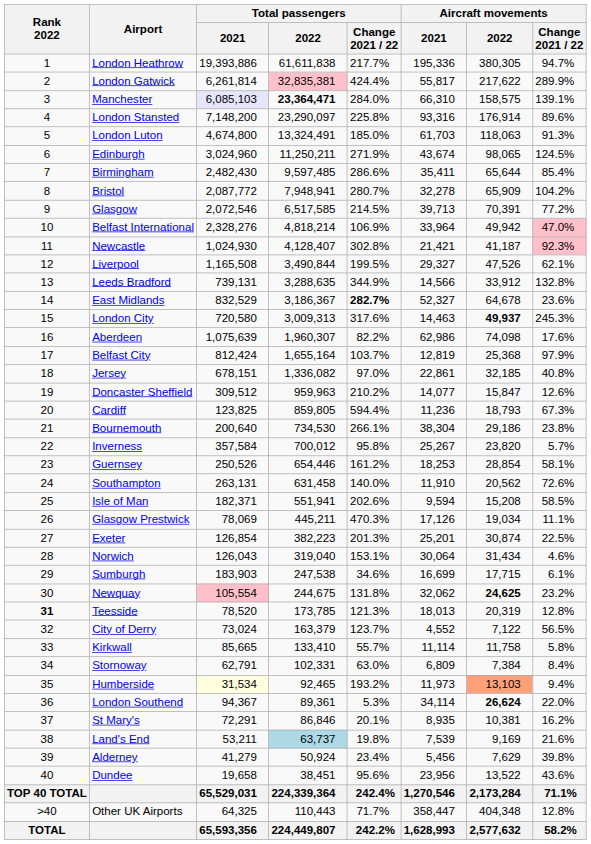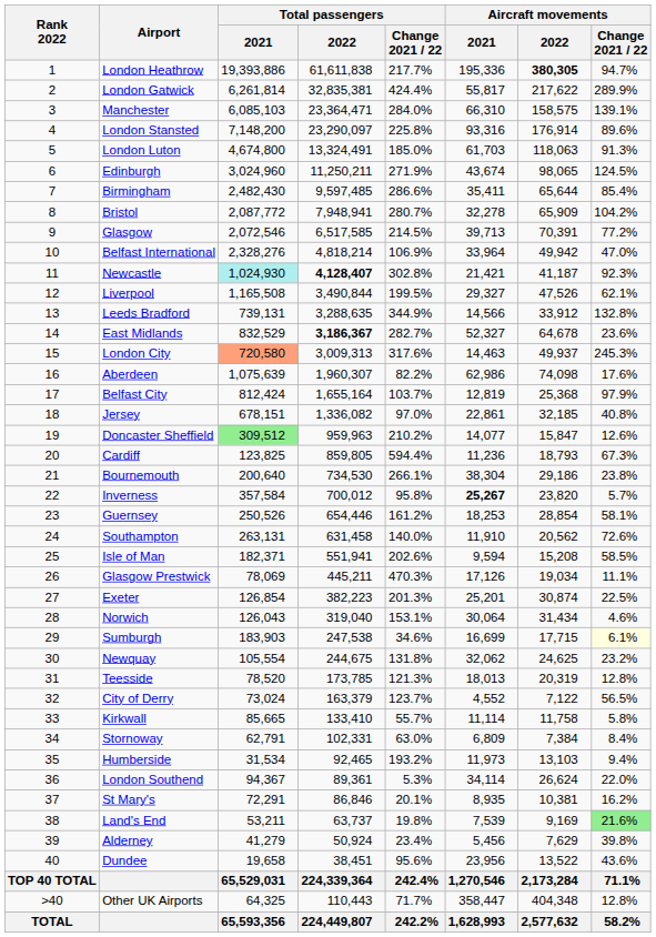 <table class="wikitable sortable" style="text-align: right;">
 <tr>
 <th rowspan=2>Rank<br>2022</th>
 <th rowspan="2">Airport</th>
 <th colspan=3>Total passengers</th>
 <th colspan=3>Aircraft movements</th>
 </tr>
 <tr>
 <th>2021</th>
 <th>2022</th>
 <th>Change<br>2021 / 22</th>
 <th>2021</th>
 <th>2022</th>
 <th>Change<br>2021 / 22</th>
 </tr>
 <tr>
 <td align='center'>1</td>
 <td align='left'><a href='#'>London Heathrow</a></td>
 <td style="padding-right: 1em;">19,393,886</td>
 <td style="padding-right: 1em;">61,611,838</td>
 <td style="padding-right: 1em;">217.7%</td>
 <td style="padding-right: 1em;">195,336</td>
-<td style="padding-right: 1em;">380,305</td>
+<td style="padding-right: 1em;"><strong>380,305</strong></td>
 <td style="padding-right: 1em;">94.7%</td>
 </tr>
 <tr>
 <td align='center'>2</td>
 <td align='left'><a href='#'>London Gatwick</a></td>
 <td style="padding-right: 1em;">6,261,814</td>
-<td style="background: pink; padding-right: 1em;">32,835,381</td>
+<td style="padding-right: 1em;">32,835,381</td>
 <td style="padding-right: 1em;">424.4%</td>
 <td style="padding-right: 1em;">55,817</td>
 <td style="padding-right: 1em;">217,622</td>
 <td style="padding-right: 1em;">289.9%</td>
 </tr>
 <tr>
 <td align='center'>3</td>
 <td align='left'><a href='#'>Manchester</a></td>
-<td style="background: lavender; padding-right: 1em;">6,085,103</td>
-<td style="padding-right: 1em;"><strong>23,364,471</strong></td>
+<td style="padding-right: 1em;">6,085,103</td>
+<td style="padding-right: 1em;">23,364,471</td>
 <td style="padding-right: 1em;">284.0%</td>
 <td style="padding-right: 1em;">66,310</td>
 <td style="padding-right: 1em;">158,575</td>
 <td style="padding-right: 1em;">139.1%</td>
 </tr>
 <tr>
 <td align='center'>4</td>
 <td align='left'><a href='#'>London Stansted</a></td>
 <td style="padding-right: 1em;">7,148,200</td>
 <td style="padding-right: 1em;">23,290,097</td>
 <td style="padding-right: 1em;">225.8%</td>
 <td style="padding-right: 1em;">93,316</td>
 <td style="padding-right: 1em;">176,914</td>
 <td style="padding-right: 1em;">89.6%</td>
 </tr>
 <tr>
 <td align='center'>5</td>
 <td align='left'><a href='#'>London Luton</a></td>
 <td style="padding-right: 1em;">4,674,800</td>
 <td style="padding-right: 1em;">13,324,491</td>
 <td style="padding-right: 1em;">185.0%</td>
 <td style="padding-right: 1em;">61,703</td>
 <td style="padding-right: 1em;">118,063</td>
 <td style="padding-right: 1em;">91.3%</td>
 </tr>
 <tr>
 <td align='center'>6</td>
 <td align='left'><a href='#'>Edinburgh</a></td>
 <td style="padding-right: 1em;">3,024,960</td>
 <td style="padding-right: 1em;">11,250,211</td>
 <td style="padding-right: 1em;">271.9%</td>
 <td style="padding-right: 1em;">43,674</td>
 <td style="padding-right: 1em;">98,065</td>
 <td style="padding-right: 1em;">124.5%</td>
 </tr>
 <tr>
 <td align='center'>7</td>
 <td align='left'><a href='#'>Birmingham</a></td>
 <td style="padding-right: 1em;">2,482,430</td>
 <td style="padding-right: 1em;">9,597,485</td>
 <td style="padding-right: 1em;">286.6%</td>
 <td style="padding-right: 1em;">35,411</td>
 <td style="padding-right: 1em;">65,644</td>
 <td style="padding-right: 1em;">85.4%</td>
 </tr>
 <tr>
 <td align='center'>8</td>
 <td align='left'><a href='#'>Bristol</a></td>
 <td style="padding-right: 1em;">2,087,772</td>
 <td style="padding-right: 1em;">7,948,941</td>
 <td style="padding-right: 1em;">280.7%</td>
 <td style="padding-right: 1em;">32,278</td>
 <td style="padding-right: 1em;">65,909</td>
 <td style="padding-right: 1em;">104.2%</td>
 </tr>
 <tr>
 <td align='center'>9</td>
 <td align='left'><a href='#'>Glasgow</a></td>
 <td style="padding-right: 1em;">2,072,546</td>
 <td style="padding-right: 1em;">6,517,585</td>
 <td style="padding-right: 1em;">214.5%</td>
 <td style="padding-right: 1em;">39,713</td>
 <td style="padding-right: 1em;">70,391</td>
 <td style="padding-right: 1em;">77.2%</td>
 </tr>
 <tr>
 <td align='center'>10</td>
 <td align='left'><a href='#'>Belfast International</a></td>
 <td style="padding-right: 1em;">2,328,276</td>
 <td style="padding-right: 1em;">4,818,214</td>
 <td style="padding-right: 1em;">106.9%</td>
 <td style="padding-right: 1em;">33,964</td>
 <td style="padding-right: 1em;">49,942</td>
-<td style="background: pink; padding-right: 1em;">47.0%</td>
+<td style="padding-right: 1em;">47.0%</td>
 </tr>
 <tr>
 <td align='center'>11</td>
 <td align='left'><a href='#'>Newcastle</a></td>
-<td style="padding-right: 1em;">1,024,930</td>
-<td style="padding-right: 1em;">4,128,407</td>
+<td style="background: paleturquoise; padding-right: 1em;">1,024,930</td>
+<td style="padding-right: 1em;"><strong>4,128,407</strong></td>
 <td style="padding-right: 1em;">302.8%</td>
 <td style="padding-right: 1em;">21,421</td>
 <td style="padding-right: 1em;">41,187</td>
-<td style="background: pink; padding-right: 1em;">92.3%</td>
+<td style="padding-right: 1em;">92.3%</td>
 </tr>
 <tr>
 <td align='center'>12</td>
 <td align='left'><a href='#'>Liverpool</a></td>
 <td style="padding-right: 1em;">1,165,508</td>
 <td style="padding-right: 1em;">3,490,844</td>
 <td style="padding-right: 1em;">199.5%</td>
 <td style="padding-right: 1em;">29,327</td>
 <td style="padding-right: 1em;">47,526</td>
 <td style="padding-right: 1em;">62.1%</td>
 </tr>
 <tr>
 <td align='center'>13</td>
 <td align='left'><a href='#'>Leeds Bradford</a></td>
 <td style="padding-right: 1em;">739,131</td>
 <td style="padding-right: 1em;">3,288,635</td>
 <td style="padding-right: 1em;">344.9%</td>
 <td style="padding-right: 1em;">14,566</td>
 <td style="padding-right: 1em;">33,912</td>
 <td style="padding-right: 1em;">132.8%</td>
 </tr>
 <tr>
 <td align='center'>14</td>
 <td align='left'><a href='#'>East Midlands</a></td>
 <td style="padding-right: 1em;">832,529</td>
-<td style="padding-right: 1em;">3,186,367</td>
-<td style="padding-right: 1em;"><strong>282.7%</strong></td>
+<td style="padding-right: 1em;"><strong>3,186,367</strong></td>
+<td style="padding-right: 1em;">282.7%</td>
 <td style="padding-right: 1em;">52,327</td>
 <td style="padding-right: 1em;">64,678</td>
 <td style="padding-right: 1em;">23.6%</td>
 </tr>
 <tr>
 <td align='center'>15</td>
 <td align='left'><a href='#'>London City</a></td>
-<td style="padding-right: 1em;">720,580</td>
+<td style="background: lightsalmon; padding-right: 1em;">720,580</td>
 <td style="padding-right: 1em;">3,009,313</td>
 <td style="padding-right: 1em;">317.6%</td>
 <td style="padding-right: 1em;">14,463</td>
-<td style="padding-right: 1em;"><strong>49,937</strong></td>
+<td style="padding-right: 1em;">49,937</td>
 <td style="padding-right: 1em;">245.3%</td>
 </tr>
 <tr>
 <td align='center'>16</td>
 <td align='left'><a href='#'>Aberdeen</a></td>
 <td style="padding-right: 1em;">1,075,639</td>
 <td style="padding-right: 1em;">1,960,307</td>
 <td style="padding-right: 1em;">82.2%</td>
 <td style="padding-right: 1em;">62,986</td>
 <td style="padding-right: 1em;">74,098</td>
 <td style="padding-right: 1em;">17.6%</td>
 </tr>
 <tr>
 <td align='center'>17</td>
 <td align='left'><a href='#'>Belfast City</a></td>
 <td style="padding-right: 1em;">812,424</td>
 <td style="padding-right: 1em;">1,655,164</td>
 <td style="padding-right: 1em;">103.7%</td>
 <td style="padding-right: 1em;">12,819</td>
 <td style="padding-right: 1em;">25,368</td>
 <td style="padding-right: 1em;">97.9%</td>
 </tr>
 <tr>
 <td align='center'>18</td>
 <td align='left'><a href='#'>Jersey</a></td>
 <td style="padding-right: 1em;">678,151</td>
 <td style="padding-right: 1em;">1,336,082</td>
 <td style="padding-right: 1em;">97.0%</td>
 <td style="padding-right: 1em;">22,861</td>
 <td style="padding-right: 1em;">32,185</td>
 <td style="padding-right: 1em;">40.8%</td>
 </tr>
 <tr>
 <td align='center'>19</td>
 <td align='left'><a href='#'>Doncaster Sheffield</a></td>
-<td style="padding-right: 1em;">309,512</td>
+<td style="background: lightgreen; padding-right: 1em;">309,512</td>
 <td style="padding-right: 1em;">959,963</td>
 <td style="padding-right: 1em;">210.2%</td>
 <td style="padding-right: 1em;">14,077</td>
 <td style="padding-right: 1em;">15,847</td>
 <td style="padding-right: 1em;">12.6%</td>
 </tr>
 <tr>
 <td align='center'>20</td>
 <td align='left'><a href='#'>Cardiff</a></td>
 <td style="padding-right: 1em;">123,825</td>
 <td style="padding-right: 1em;">859,805</td>
 <td style="padding-right: 1em;">594.4%</td>
 <td style="padding-right: 1em;">11,236</td>
 <td style="padding-right: 1em;">18,793</td>
 <td style="padding-right: 1em;">67.3%</td>
 </tr>
 <tr>
 <td align='center'>21</td>
 <td align='left'><a href='#'>Bournemouth</a></td>
 <td style="padding-right: 1em;">200,640</td>
 <td style="padding-right: 1em;">734,530</td>
 <td style="padding-right: 1em;">266.1%</td>
 <td style="padding-right: 1em;">38,304</td>
 <td style="padding-right: 1em;">29,186</td>
 <td style="padding-right: 1em;">23.8%</td>
 </tr>
 <tr>
 <td align='center'>22</td>
 <td align='left'><a href='#'>Inverness</a></td>
 <td style="padding-right: 1em;">357,584</td>
 <td style="padding-right: 1em;">700,012</td>
 <td style="padding-right: 1em;">95.8%</td>
-<td style="padding-right: 1em;">25,267</td>
+<td style="padding-right: 1em;"><strong>25,267</strong></td>
 <td style="padding-right: 1em;">23,820</td>
 <td style="padding-right: 1em;">5.7%</td>
 </tr>
 <tr>
 <td align='center'>23</td>
 <td align='left'><a href='#'>Guernsey</a></td>
 <td style="padding-right: 1em;">250,526</td>
 <td style="padding-right: 1em;">654,446</td>
 <td style="padding-right: 1em;">161.2%</td>
 <td style="padding-right: 1em;">18,253</td>
 <td style="padding-right: 1em;">28,854</td>
 <td style="padding-right: 1em;">58.1%</td>
 </tr>
 <tr>
 <td align='center'>24</td>
 <td align='left'><a href='#'>Southampton</a></td>
 <td style="padding-right: 1em;">263,131</td>
 <td style="padding-right: 1em;">631,458</td>
 <td style="padding-right: 1em;">140.0%</td>
 <td style="padding-right: 1em;">11,910</td>
 <td style="padding-right: 1em;">20,562</td>
 <td style="padding-right: 1em;">72.6%</td>
 </tr>
 <tr>
 <td align='center'>25</td>
 <td align='left'><a href='#'>Isle of Man</a></td>
 <td style="padding-right: 1em;">182,371</td>
 <td style="padding-right: 1em;">551,941</td>
 <td style="padding-right: 1em;">202.6%</td>
 <td style="padding-right: 1em;">9,594</td>
 <td style="padding-right: 1em;">15,208</td>
 <td style="padding-right: 1em;">58.5%</td>
 </tr>
 <tr>
 <td align='center'>26</td>
 <td align='left'><a href='#'>Glasgow Prestwick</a></td>
 <td style="padding-right: 1em;">78,069</td>
 <td style="padding-right: 1em;">445,211</td>
 <td style="padding-right: 1em;">470.3%</td>
 <td style="padding-right: 1em;">17,126</td>
 <td style="padding-right: 1em;">19,034</td>
 <td style="padding-right: 1em;">11.1%</td>
 </tr>
 <tr>
 <td align='center'>27</td>
 <td align='left'><a href='#'>Exeter</a></td>
 <td style="padding-right: 1em;">126,854</td>
 <td style="padding-right: 1em;">382,223</td>
 <td style="padding-right: 1em;">201.3%</td>
 <td style="padding-right: 1em;">25,201</td>
 <td style="padding-right: 1em;">30,874</td>
 <td style="padding-right: 1em;">22.5%</td>
 </tr>
 <tr>
 <td align='center'>28</td>
 <td align='left'><a href='#'>Norwich</a></td>
 <td style="padding-right: 1em;">126,043</td>
 <td style="padding-right: 1em;">319,040</td>
 <td style="padding-right: 1em;">153.1%</td>
 <td style="padding-right: 1em;">30,064</td>
 <td style="padding-right: 1em;">31,434</td>
 <td style="padding-right: 1em;">4.6%</td>
 </tr>
 <tr>
 <td align='center'>29</td>
 <td align="left"><a href='#'>Sumburgh</a></td>
 <td style="padding-right: 1em;">183,903</td>
 <td style="padding-right: 1em;">247,538</td>
 <td style="padding-right: 1em;">34.6%</td>
 <td style="padding-right: 1em;">16,699</td>
 <td style="padding-right: 1em;">17,715</td>
-<td style="padding-right: 1em;">6.1%</td>
+<td style="background: lightyellow; padding-right: 1em;">6.1%</td>
 </tr>
 <tr>
 <td align='center'>30</td>
 <td align="left"><a href='#'>Newquay</a></td>
-<td style="background: pink; padding-right: 1em;">105,554</td>
+<td style="padding-right: 1em;">105,554</td>
 <td style="padding-right: 1em;">244,675</td>
 <td style="padding-right: 1em;">131.8%</td>
 <td style="padding-right: 1em;">32,062</td>
-<td style="padding-right: 1em;"><strong>24,625</strong></td>
+<td style="padding-right: 1em;">24,625</td>
 <td style="padding-right: 1em;">23.2%</td>
 </tr>
 <tr>
-<td align='center'><strong>31</strong></td>
+<td align='center'>31</td>
 <td align="left"><a href='#'>Teesside</a></td>
 <td style="padding-right: 1em;">78,520</td>
 <td style="padding-right: 1em;">173,785</td>
 <td style="padding-right: 1em;">121.3%</td>
 <td style="padding-right: 1em;">18,013</td>
 <td style="padding-right: 1em;">20,319</td>
 <td style="padding-right: 1em;">12.8%</td>
 </tr>
 <tr>
 <td align='center'>32</td>
 <td align="left"><a href='#'>City of Derry</a></td>
 <td style="padding-right: 1em;">73,024</td>
 <td style="padding-right: 1em;">163,379</td>
 <td style="padding-right: 1em;">123.7%</td>
 <td style="padding-right: 1em;">4,552</td>
 <td style="padding-right: 1em;">7,122</td>
 <td style="padding-right: 1em;">56.5%</td>
 </tr>
 <tr>
 <td align='center'>33</td>
 <td align='left'><a href='#'>Kirkwall</a></td>
 <td style="padding-right: 1em;">85,665</td>
 <td style="padding-right: 1em;">133,410</td>
 <td style="padding-right: 1em;">55.7%</td>
 <td style="padding-right: 1em;">11,114</td>
 <td style="padding-right: 1em;">11,758</td>
 <td style="padding-right: 1em;">5.8%</td>
 </tr>
 <tr>
 <td align='center'>34</td>
 <td align="left"><a href='#'>Stornoway</a></td>
 <td style="padding-right: 1em;">62,791</td>
 <td style="padding-right: 1em;">102,331</td>
 <td style="padding-right: 1em;">63.0%</td>
 <td style="padding-right: 1em;">6,809</td>
 <td style="padding-right: 1em;">7,384</td>
 <td style="padding-right: 1em;">8.4%</td>
 </tr>
 <tr>
 <td align='center'>35</td>
 <td align='left'><a href='#'>Humberside</a></td>
-<td style="background: lightyellow; padding-right: 1em;">31,534</td>
+<td style="padding-right: 1em;">31,534</td>
 <td style="padding-right: 1em;">92,465</td>
 <td style="padding-right: 1em;">193.2%</td>
 <td style="padding-right: 1em;">11,973</td>
-<td style="background: lightsalmon; padding-right: 1em;">13,103</td>
+<td style="padding-right: 1em;">13,103</td>
 <td style="padding-right: 1em;">9.4%</td>
 </tr>
 <tr>
 <td align='center'>36</td>
 <td align='left'><a href='#'>London Southend</a></td>
 <td style="padding-right: 1em;">94,367</td>
 <td style="padding-right: 1em;">89,361</td>
 <td style="padding-right: 1em;">5.3%</td>
 <td style="padding-right: 1em;">34,114</td>
-<td style="padding-right: 1em;"><strong>26,624</strong></td>
+<td style="padding-right: 1em;">26,624</td>
 <td style="padding-right: 1em;">22.0%</td>
 </tr>
 <tr>
 <td align='center'>37</td>
 <td align='left'><a href='#'>St Mary's</a></td>
 <td style="padding-right: 1em;">72,291</td>
 <td style="padding-right: 1em;">86,846</td>
 <td style="padding-right: 1em;">20.1%</td>
 <td style="padding-right: 1em;">8,935</td>
 <td style="padding-right: 1em;">10,381</td>
 <td style="padding-right: 1em;">16.2%</td>
 </tr>
 <tr>
 <td align='center'>38</td>
 <td align='left'><a href='#'>Land's End</a></td>
 <td style="padding-right: 1em;">53,211</td>
-<td style="background: lightblue; padding-right: 1em;">63,737</td>
+<td style="padding-right: 1em;">63,737</td>
 <td style="padding-right: 1em;">19.8%</td>
 <td style="padding-right: 1em;">7,539</td>
 <td style="padding-right: 1em;">9,169</td>
-<td style="padding-right: 1em;">21.6%</td>
+<td style="background: lightgreen; padding-right: 1em;">21.6%</td>
 </tr>
 <tr>
 <td align='center'>39</td>
 <td align='left'><a href='#'>Alderney</a></td>
 <td style="padding-right: 1em;">41,279</td>
 <td style="padding-right: 1em;">50,924</td>
 <td style="padding-right: 1em;">23.4%</td>
 <td style="padding-right: 1em;">5,456</td>
 <td style="padding-right: 1em;">7,629</td>
 <td style="padding-right: 1em;">39.8%</td>
 </tr>
 <tr>
 <td align='center'>40</td>
 <td align='left'><a href='#'>Dundee</a></td>
 <td style="padding-right: 1em;">19,658</td>
 <td style="padding-right: 1em;">38,451</td>
 <td style="padding-right: 1em;">95.6%</td>
 <td style="padding-right: 1em;">23,956</td>
 <td style="padding-right: 1em;">13,522</td>
 <td style="padding-right: 1em;">43.6%</td>
 </tr>
 <tr class="sortbottom">
 <th>TOP 40 TOTAL</th>
 <th></th>
 <th style="padding-right: 1em;">65,529,031</th>
 <th style="padding-right: 1em;">224,339,364</th>
 <th style="padding-right: 0em;">242.4%</th>
 <th style="padding-right: 1em;">1,270,546</th>
 <th style="padding-right: 1em;">2,173,284</th>
 <th style="padding-right: 0em;">71.1%</th>
 </tr>
 <tr class="sortbottom">
 <td align='center'>>40</td>
 <td align='left'>Other UK Airports</td>
 <td style="padding-right: 1em;">64,325</td>
 <td style="padding-right: 1em;">110,443</td>
 <td style="padding-right: 1em;">71.7%</td>
 <td style="padding-right: 1em;">358,447</td>
 <td style="padding-right: 1em;">404,348</td>
 <td style="padding-right: 1em;">12.8%</td>
 </tr>
 <tr class="sortbottom">
 <th>TOTAL</th>
 <th></th>
 <th style="padding-right: 1em;">65,593,356</th>
 <th style="padding-right: 1em;">224,449,807</th>
 <th style="padding-right: 0em;">242.2%</th>
 <th style="padding-right: 1em;">1,628,993</th>
 <th style="padding-right: 1em;">2,577,632</th>
 <th style="padding-right: 0em;">58.2%</th>
 </tr>
 </table>
